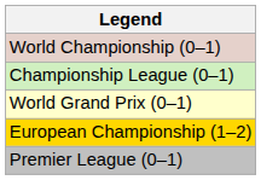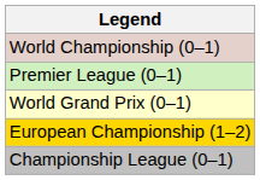 <table class="wikitable">
 <tr>
 <th>Legend</th>
 </tr>
 <tr style="background:#e5d1cb;">
 <td>World Championship (0–1)</td>
 </tr>
 <tr style="background:#d0f0c0;">
-<td>Championship League (0–1)</td>
+<td>Premier League (0–1)</td>
 </tr>
 <tr style="background:#FFFFCC;">
 <td>World Grand Prix (0–1)</td>
 </tr>
 <tr style="background:gold;">
 <td>European Championship (1–2)</td>
 </tr>
 <tr bgcolor="silver">
-<td>Premier League (0–1)</td>
+<td>Championship League (0–1)</td>
 </tr>
 </table>
